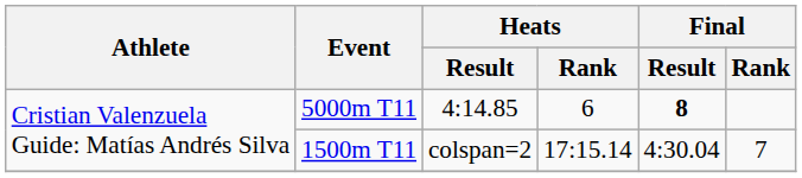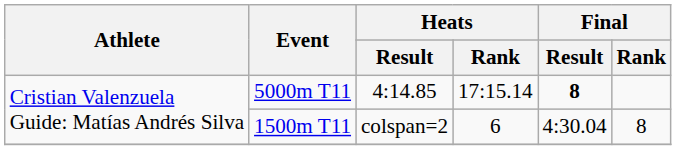 <table class=wikitable style="font-size:90%">
 <tr>
 <th rowspan="2">Athlete</th>
 <th rowspan="2">Event</th>
 <th colspan="2">Heats</th>
 <th colspan="2">Final</th>
 </tr>
 <tr>
 <th>Result</th>
 <th>Rank</th>
 <th>Result</th>
 <th>Rank</th>
 </tr>
 <tr align=center>
 <td rowspan="2" align=left><a href='#'>Cristian Valenzuela</a><br>Guide: Matías Andrés Silva</td>
 <td align=left><a href='#'>5000m T11</a></td>
 <td>4:14.85</td>
-<td>6</td>
+<td>17:15.14</td>
 <td><strong>8</strong></td>
 </tr>
 <tr align=center>
 <td align=left><a href='#'>1500m T11</a></td>
 <td>colspan=2 </td>
-<td>17:15.14</td>
+<td>6</td>
 <td>4:30.04</td>
-<td>7</td>
+<td>8</td>
 </tr>
 <tr>
 </tr>
 </table>
